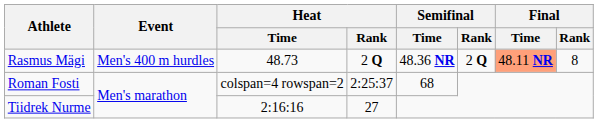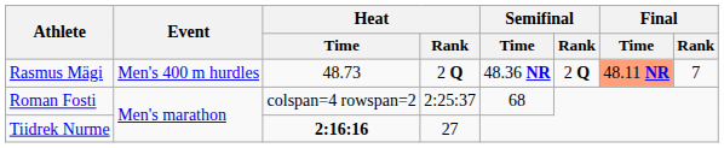 <table class="wikitable" style="font-size:90%">
 <tr>
 <th rowspan=2>Athlete</th>
 <th rowspan=2>Event</th>
 <th colspan=2>Heat</th>
 <th colspan=2>Semifinal</th>
 <th colspan=2>Final</th>
 </tr>
 <tr style=font-size:95%>
 <th>Time</th>
 <th>Rank</th>
 <th>Time</th>
 <th>Rank</th>
 <th>Time</th>
 <th>Rank</th>
 </tr>
 <tr align=center>
 <td align=left><a href='#'>Rasmus Mägi</a></td>
 <td align=left><a href='#'>Men's 400 m hurdles</a></td>
 <td>48.73</td>
 <td>2 <strong>Q</strong></td>
 <td>48.36 <strong><a href='#'>NR</a></strong></td>
 <td>2 <strong>Q</strong></td>
 <td style="background: lightsalmon;">48.11 <strong><a href='#'>NR</a></strong></td>
-<td>8</td>
+<td>7</td>
 </tr>
 <tr align=center>
 <td align=left><a href='#'>Roman Fosti</a></td>
 <td align=left rowspan=2><a href='#'>Men's marathon</a></td>
 <td>colspan=4 rowspan=2 </td>
 <td>2:25:37</td>
 <td>68</td>
 </tr>
 <tr align=center>
 <td align=left><a href='#'>Tiidrek Nurme</a></td>
-<td>2:16:16</td>
+<td><strong>2:16:16</strong></td>
 <td>27</td>
 </tr>
 </table>
